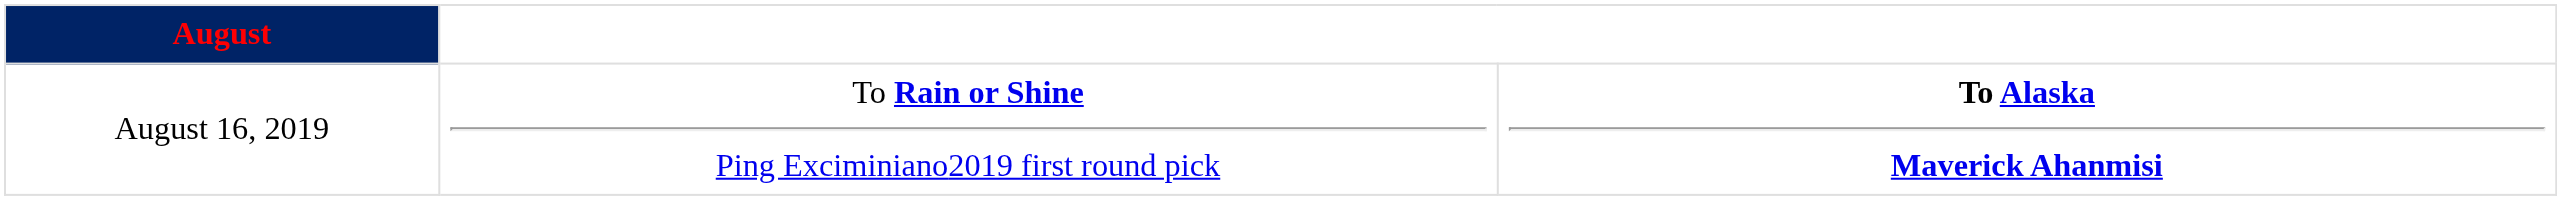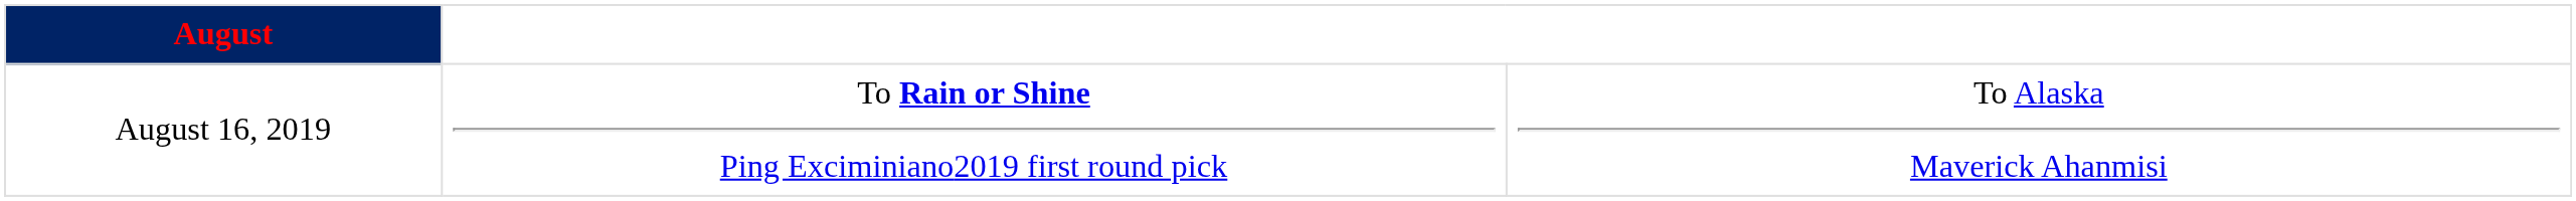 <table border=1 style="border-collapse:collapse; text-align: center; width: 100%" bordercolor="#DFDFDF"  cellpadding="5">
 <tr bgcolor="eeeeee">
 <th style="background:#002366; color:#FE0003; ">August</th>
 </tr>
 <tr>
 <td style="width:12%">August 16, 2019</td>
 <td style="width:29.3%" valign="top">To <strong><a href='#'>Rain or Shine</a></strong><hr><a href='#'>Ping Exciminiano</a><a href='#'>2019 first round pick</a></td>
-<td style="width:29.3%" valign="top"><strong>To <a href='#'>Alaska</a><hr><a href='#'>Maverick Ahanmisi</a></strong></td>
+<td style="width:29.3%" valign="top">To <a href='#'>Alaska</a><hr><a href='#'>Maverick Ahanmisi</a></td>
 </tr>
 </table>
